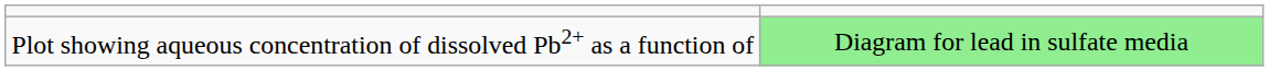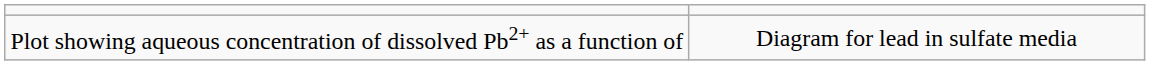 <table class="wikitable" style="margin:1em auto; text-align:center">
 <tr>
 <td style="width:60%;"></td>
 <td style="width:40%;"></td>
 </tr>
 <tr>
 <td>Plot showing aqueous concentration of dissolved Pb<sup>2+</sup> as a function of </td>
-<td style="background: lightgreen;">Diagram for lead in sulfate media</td>
+<td>Diagram for lead in sulfate media</td>
 </tr>
 </table>
